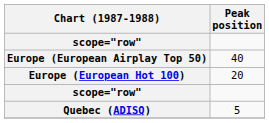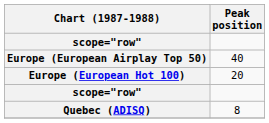 <table class="wikitable sortable plainrowheaders">
 <tr>
 <th>Chart (1987-1988)</th>
 <th>Peak<br>position</th>
 </tr>
 <tr>
 <th>scope="row"</th>
 </tr>
 <tr>
 <th scope="row">Europe (European Airplay Top 50)</th>
 <td align="center">40</td>
 </tr>
 <tr>
 <th scope="row">Europe (<a href='#'>European Hot 100</a>)</th>
 <td align="center">20</td>
 </tr>
 <tr>
 <th>scope="row"</th>
 </tr>
 <tr>
 <th scope="row">Quebec (<a href='#'>ADISQ</a>)</th>
-<td align="center">5</td>
+<td align="center">8</td>
 </tr>
 <tr>
 </tr>
 </table>
